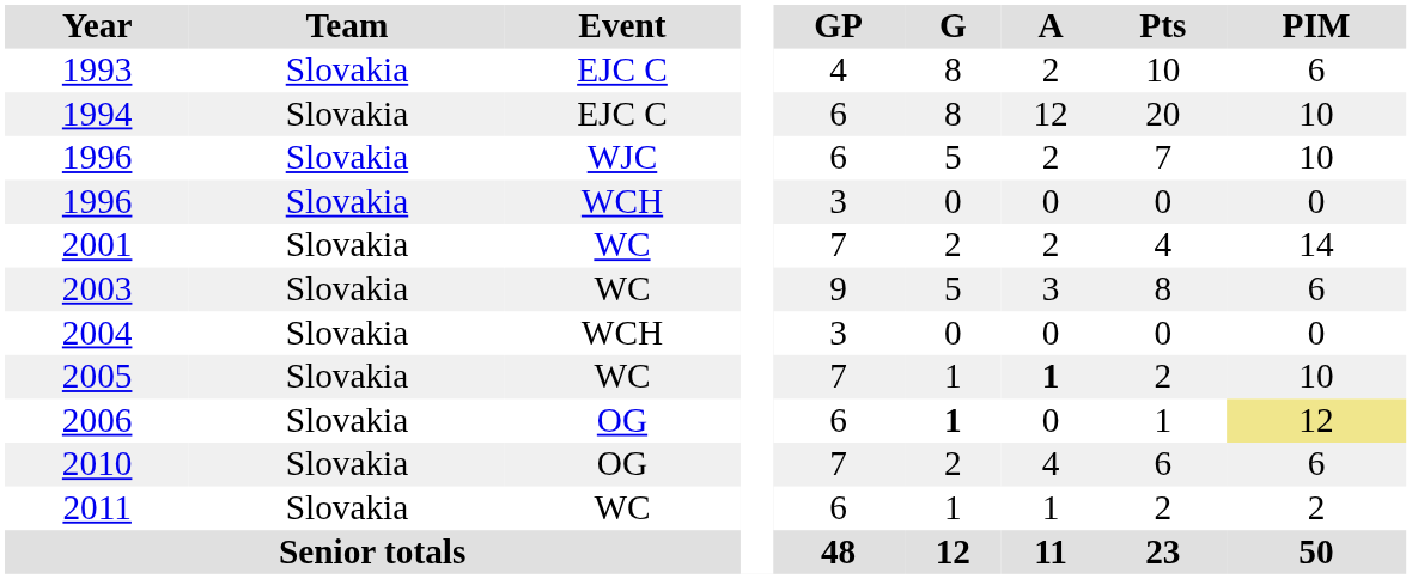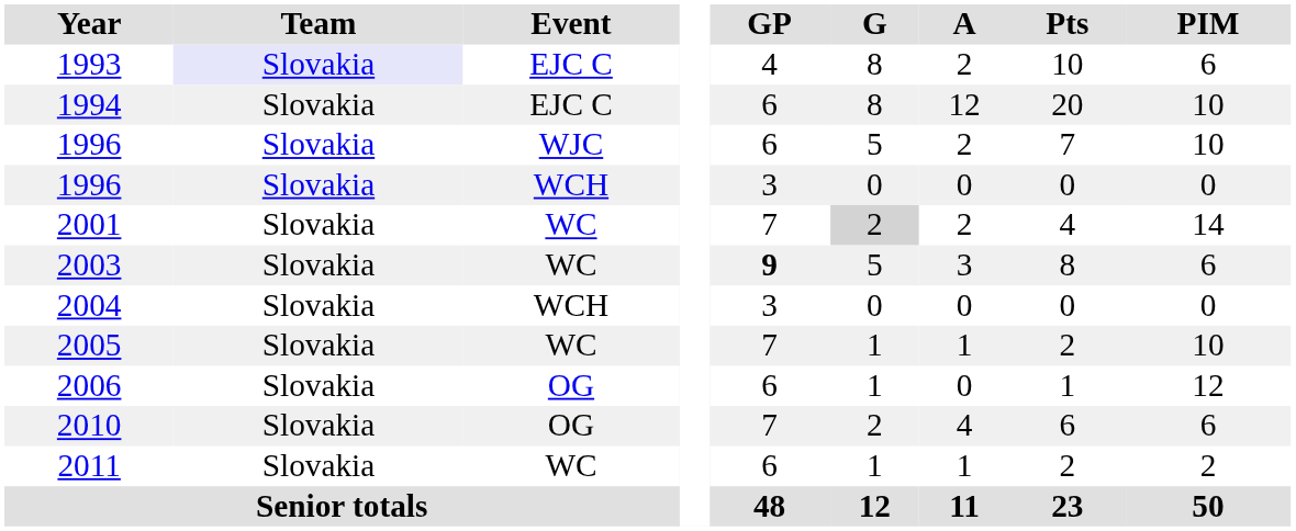 <table border="0" cellpadding="1" cellspacing="0" style="text-align:center; width:40em">
 <tr ALIGN="center" bgcolor="#e0e0e0">
 <th>Year</th>
 <th>Team</th>
 <th>Event</th>
 <th ALIGN="center" rowspan="99" bgcolor="#ffffff"> </th>
 <th>GP</th>
 <th>G</th>
 <th>A</th>
 <th>Pts</th>
 <th>PIM</th>
 </tr>
 <tr>
 <td><a href='#'>1993</a></td>
-<td><a href='#'>Slovakia</a></td>
+<td style="background: lavender;"><a href='#'>Slovakia</a></td>
 <td><a href='#'>EJC C</a></td>
 <td>4</td>
 <td>8</td>
 <td>2</td>
 <td>10</td>
 <td>6</td>
 </tr>
 <tr bgcolor="#f0f0f0">
 <td><a href='#'>1994</a></td>
 <td>Slovakia</td>
 <td>EJC C</td>
 <td>6</td>
 <td>8</td>
 <td>12</td>
 <td>20</td>
 <td>10</td>
 </tr>
 <tr>
 <td><a href='#'>1996</a></td>
 <td><a href='#'>Slovakia</a></td>
 <td><a href='#'>WJC</a></td>
 <td>6</td>
 <td>5</td>
 <td>2</td>
 <td>7</td>
 <td>10</td>
 </tr>
 <tr bgcolor="#f0f0f0">
 <td><a href='#'>1996</a></td>
 <td><a href='#'>Slovakia</a></td>
 <td><a href='#'>WCH</a></td>
 <td>3</td>
 <td>0</td>
 <td>0</td>
 <td>0</td>
 <td>0</td>
 </tr>
 <tr>
 <td><a href='#'>2001</a></td>
 <td>Slovakia</td>
 <td><a href='#'>WC</a></td>
 <td>7</td>
-<td>2</td>
+<td style="background: lightgrey;">2</td>
 <td>2</td>
 <td>4</td>
 <td>14</td>
 </tr>
 <tr bgcolor="#f0f0f0">
 <td><a href='#'>2003</a></td>
 <td>Slovakia</td>
 <td>WC</td>
-<td>9</td>
+<td><strong>9</strong></td>
 <td>5</td>
 <td>3</td>
 <td>8</td>
 <td>6</td>
 </tr>
 <tr>
 <td><a href='#'>2004</a></td>
 <td>Slovakia</td>
 <td>WCH</td>
 <td>3</td>
 <td>0</td>
 <td>0</td>
 <td>0</td>
 <td>0</td>
 </tr>
 <tr bgcolor="#f0f0f0">
 <td><a href='#'>2005</a></td>
 <td>Slovakia</td>
 <td>WC</td>
 <td>7</td>
 <td>1</td>
-<td><strong>1</strong></td>
+<td>1</td>
 <td>2</td>
 <td>10</td>
 </tr>
 <tr>
 <td><a href='#'>2006</a></td>
 <td>Slovakia</td>
 <td><a href='#'>OG</a></td>
 <td>6</td>
-<td><strong>1</strong></td>
+<td>1</td>
 <td>0</td>
 <td>1</td>
-<td style="background: khaki;">12</td>
+<td>12</td>
 </tr>
 <tr bgcolor="#f0f0f0">
 <td><a href='#'>2010</a></td>
 <td>Slovakia</td>
 <td>OG</td>
 <td>7</td>
 <td>2</td>
 <td>4</td>
 <td>6</td>
 <td>6</td>
 </tr>
 <tr>
 <td><a href='#'>2011</a></td>
 <td>Slovakia</td>
 <td>WC</td>
 <td>6</td>
 <td>1</td>
 <td>1</td>
 <td>2</td>
 <td>2</td>
 </tr>
 <tr bgcolor="#e0e0e0">
 <th colspan="3">Senior totals</th>
 <th>48</th>
 <th>12</th>
 <th>11</th>
 <th>23</th>
 <th>50</th>
 </tr>
 </table>
